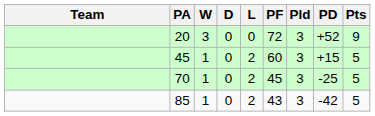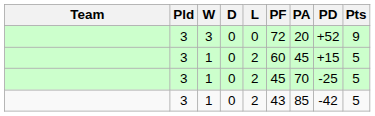 <table class="wikitable" style="text-align:center;">
 <tr>
 <th width="190">Team</th>
-<th width="20" abbr="Points against">PA</th>
+<th width="20" abbr="Played">Pld</th>
 <th width="20" abbr="Won">W</th>
 <th width="20" abbr="Drawn">D</th>
 <th width="20" abbr="Lost">L</th>
 <th width="20" abbr="Points for">PF</th>
-<th width="20" abbr="Played">Pld</th>
+<th width="20" abbr="Points against">PA</th>
 <th width="25" abbr="Points difference">PD</th>
 <th width="20" abbr="Points">Pts</th>
 </tr>
 <tr style="background:#ccffcc">
 <td align="left"></td>
-<td>20</td>
+<td>3</td>
 <td>3</td>
 <td>0</td>
 <td>0</td>
 <td>72</td>
-<td>3</td>
+<td>20</td>
 <td>+52</td>
 <td>9</td>
 </tr>
 <tr style="background:#ccffcc">
 <td align="left"></td>
-<td>45</td>
+<td>3</td>
 <td>1</td>
 <td>0</td>
 <td>2</td>
 <td>60</td>
-<td>3</td>
+<td>45</td>
 <td>+15</td>
 <td>5</td>
 </tr>
 <tr style="background:#ccffcc">
 <td align="left"></td>
-<td>70</td>
+<td>3</td>
 <td>1</td>
 <td>0</td>
 <td>2</td>
 <td>45</td>
-<td>3</td>
+<td>70</td>
 <td>-25</td>
 <td>5</td>
 </tr>
 <tr>
 <td align="left"></td>
-<td>85</td>
+<td>3</td>
 <td>1</td>
 <td>0</td>
 <td>2</td>
 <td>43</td>
-<td>3</td>
+<td>85</td>
 <td>-42</td>
 <td>5</td>
 </tr>
 </table>
